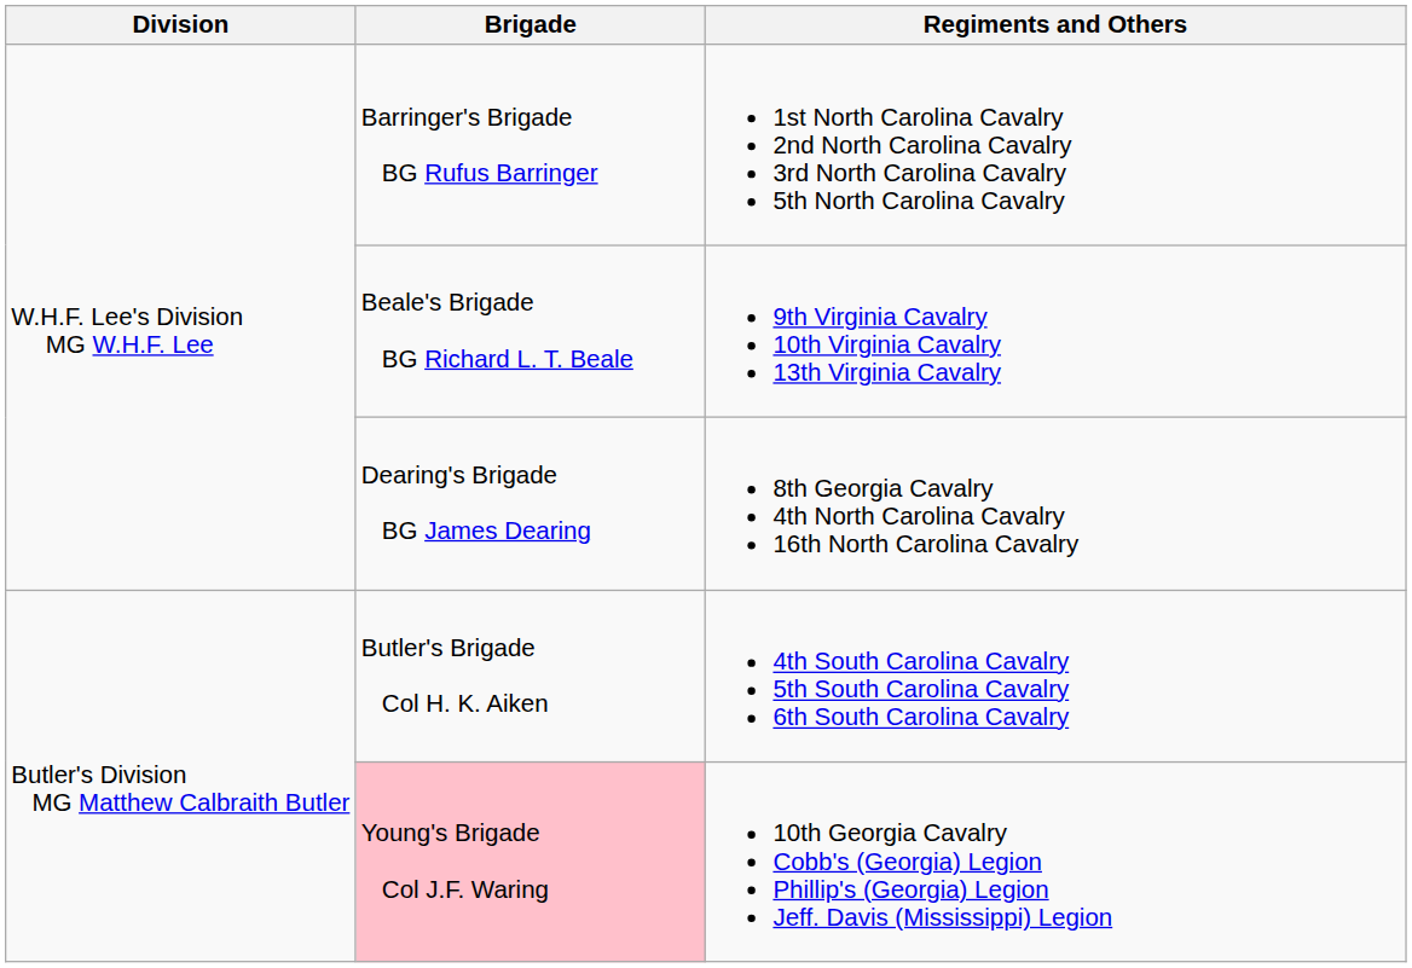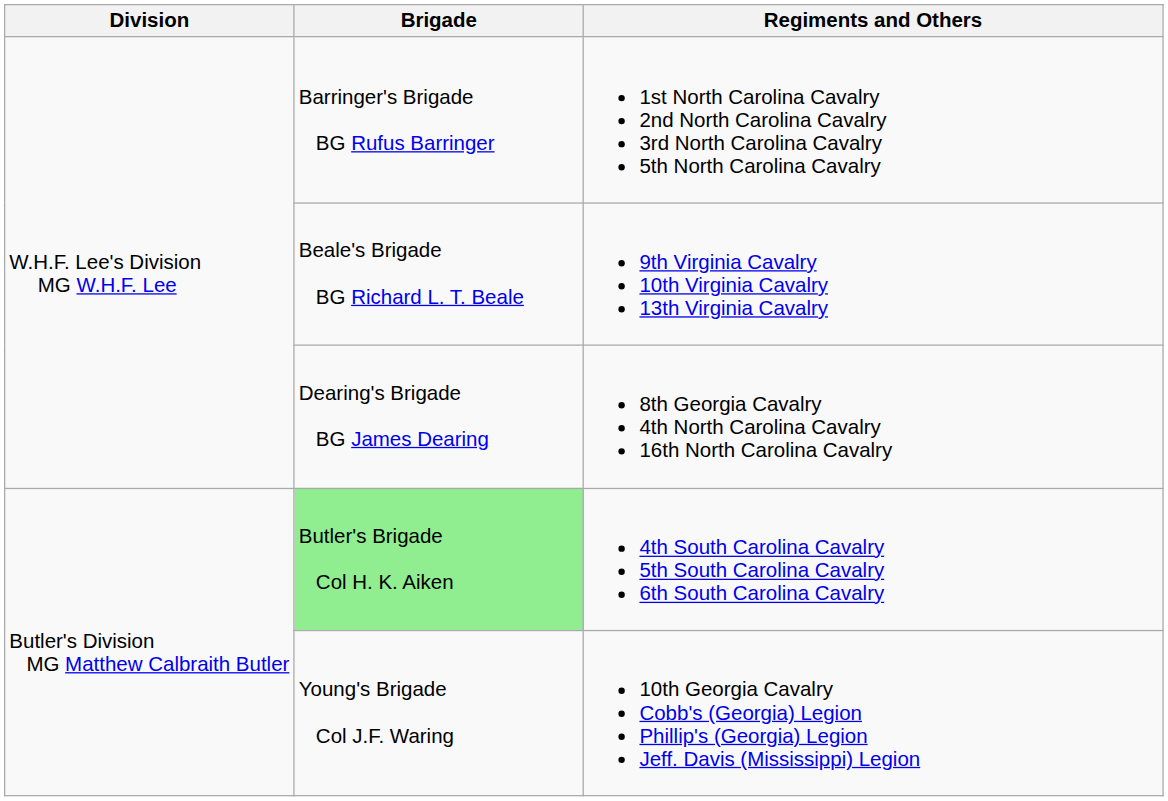 <table class="wikitable">
 <tr>
 <th width=25%>Division</th>
 <th width=25%>Brigade</th>
 <th>Regiments and Others</th>
 </tr>
 <tr>
 <td rowspan=3><br>W.H.F. Lee's Division <br>     MG <a href='#'>W.H.F. Lee</a></td>
 <td>Barringer's Brigade<br><br>   BG <a href='#'>Rufus Barringer</a></td>
 <td><br><ul><li>1st North Carolina Cavalry</li><li>2nd North Carolina Cavalry</li><li>3rd North Carolina Cavalry</li><li>5th North Carolina Cavalry</li></ul></td>
 </tr>
 <tr>
 <td>Beale's Brigade<br><br>   BG <a href='#'>Richard L. T. Beale</a></td>
 <td><br><ul><li><a href='#'>9th Virginia Cavalry</a></li><li><a href='#'>10th Virginia Cavalry</a></li><li><a href='#'>13th Virginia Cavalry</a></li></ul></td>
 </tr>
 <tr>
 <td>Dearing's Brigade<br><br>   BG <a href='#'>James Dearing</a></td>
 <td><br><ul><li>8th Georgia Cavalry</li><li>4th North Carolina Cavalry</li><li>16th North Carolina Cavalry</li></ul></td>
 </tr>
 <tr>
 <td rowspan=2><br>Butler's Division <br>   MG <a href='#'>Matthew Calbraith Butler</a></td>
-<td>Butler's Brigade<br><br>   Col H. K. Aiken</td>
+<td style="background: lightgreen;">Butler's Brigade<br><br>   Col H. K. Aiken</td>
 <td><br><ul><li><a href='#'>4th South Carolina Cavalry</a></li><li><a href='#'>5th South Carolina Cavalry</a></li><li><a href='#'>6th South Carolina Cavalry</a></li></ul></td>
 </tr>
 <tr>
-<td style="background: pink;">Young's Brigade<br><br>   Col J.F. Waring</td>
+<td>Young's Brigade<br><br>   Col J.F. Waring</td>
 <td><br><ul><li>10th Georgia Cavalry</li><li><a href='#'>Cobb's (Georgia) Legion</a></li><li><a href='#'>Phillip's (Georgia) Legion</a></li><li><a href='#'>Jeff. Davis (Mississippi) Legion</a></li></ul></td>
 </tr>
 </table>
